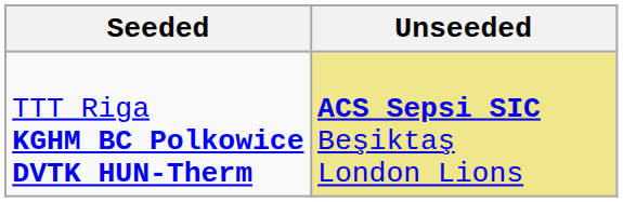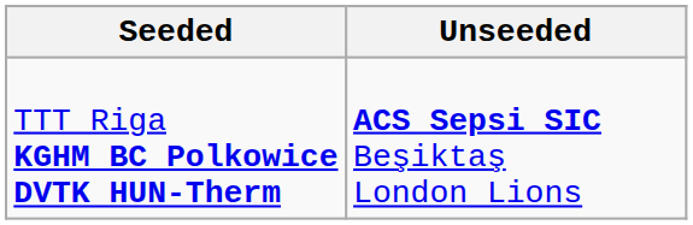 <table class="wikitable">
 <tr>
 <th width=50%>Seeded</th>
 <th width=50%>Unseeded</th>
 </tr>
 <tr>
 <td><br> <a href='#'>TTT Riga</a><br>  <strong><a href='#'>KGHM BC Polkowice</a></strong><br>  <strong><a href='#'>DVTK HUN-Therm</a></strong><br></td>
-<td style="background: khaki;"><br> <strong><a href='#'>ACS Sepsi SIC</a></strong><br>  <a href='#'>Beşiktaş</a><br>  <a href='#'>London Lions</a><br></td>
+<td><br> <strong><a href='#'>ACS Sepsi SIC</a></strong><br>  <a href='#'>Beşiktaş</a><br>  <a href='#'>London Lions</a><br></td>
 </tr>
 </table>
